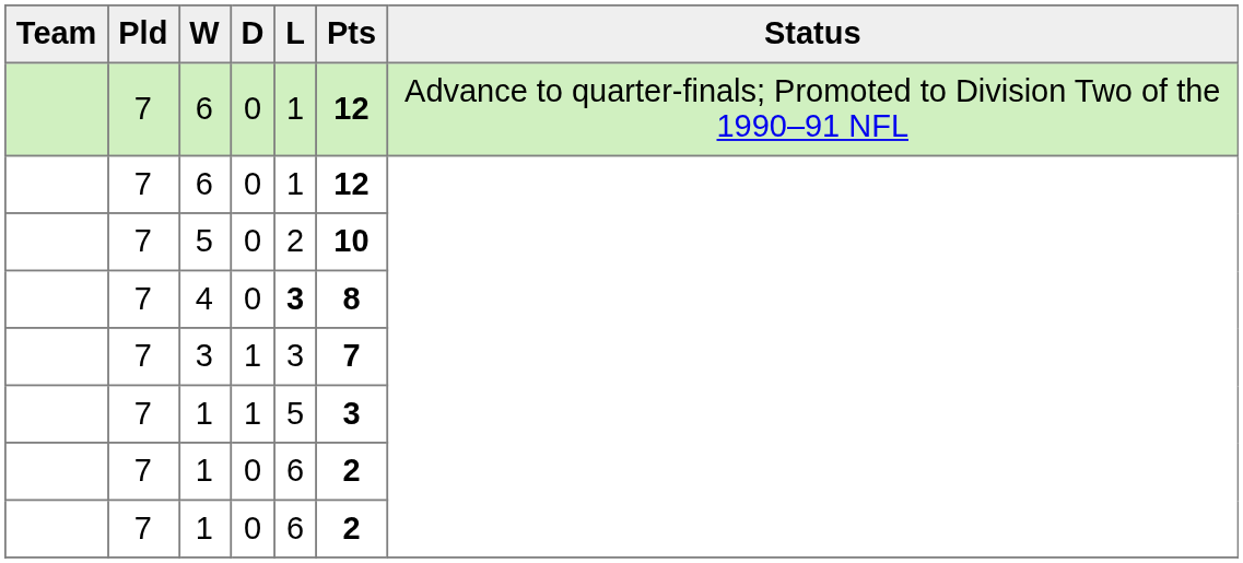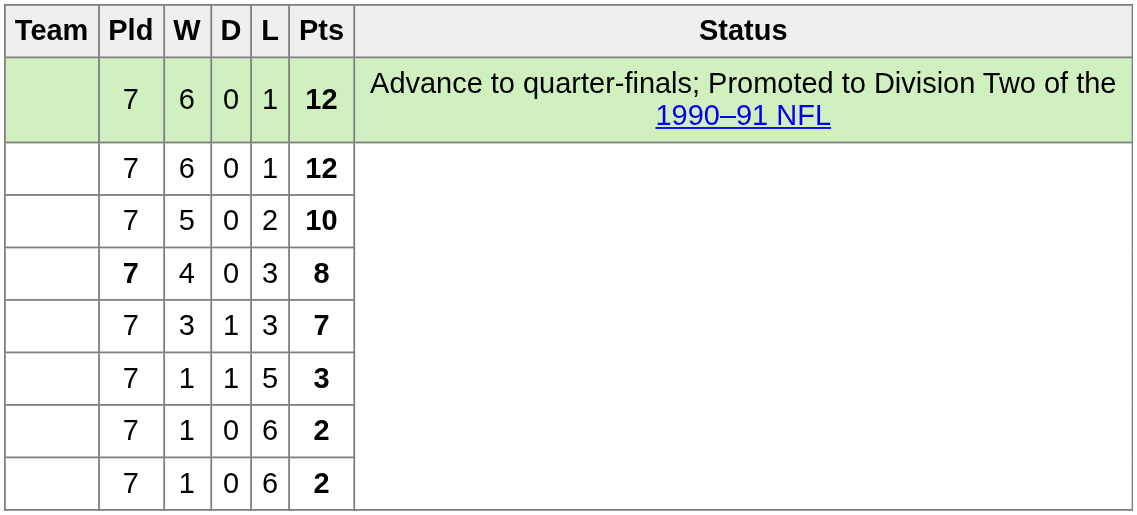 <table style=border-collapse:collapse border=1 cellspacing=0 cellpadding=5>
 <tr align=center bgcolor=#efefef>
 <th>Team</th>
 <th>Pld</th>
 <th>W</th>
 <th>D</th>
 <th>L</th>
 <th>Pts</th>
 <th>Status</th>
 </tr>
 <tr align=center style="background:#D0F0C0;">
 <td style="text-align:left;"> </td>
 <td>7</td>
 <td>6</td>
 <td>0</td>
 <td>1</td>
 <td><strong>12</strong></td>
 <td rowspan=1>Advance to quarter-finals; Promoted to Division Two of the <a href='#'>1990–91 NFL</a></td>
 </tr>
 <tr align=center style="background:#FFFFFF;">
 <td style="text-align:left;"> </td>
 <td>7</td>
 <td>6</td>
 <td>0</td>
 <td>1</td>
 <td><strong>12</strong></td>
 <td rowspan=7></td>
 </tr>
 <tr align=center style="background:#FFFFFF;">
 <td style="text-align:left;"> </td>
 <td>7</td>
 <td>5</td>
 <td>0</td>
 <td>2</td>
 <td><strong>10</strong></td>
 </tr>
 <tr align=center style="background:#FFFFFF;">
 <td style="text-align:left;"> </td>
-<td>7</td>
+<td><strong>7</strong></td>
 <td>4</td>
 <td>0</td>
-<td><strong>3</strong></td>
+<td>3</td>
 <td><strong>8</strong></td>
 </tr>
 <tr align=center style="background:#FFFFFF;">
 <td style="text-align:left;"> </td>
 <td>7</td>
 <td>3</td>
 <td>1</td>
 <td>3</td>
 <td><strong>7</strong></td>
 </tr>
 <tr align=center style="background:#FFFFFF;">
 <td style="text-align:left;"> </td>
 <td>7</td>
 <td>1</td>
 <td>1</td>
 <td>5</td>
 <td><strong>3</strong></td>
 </tr>
 <tr align=center style="background:#FFFFFF;">
 <td style="text-align:left;"> </td>
 <td>7</td>
 <td>1</td>
 <td>0</td>
 <td>6</td>
 <td><strong>2</strong></td>
 </tr>
 <tr align=center style="background:#FFFFFF;">
 <td style="text-align:left;"> </td>
 <td>7</td>
 <td>1</td>
 <td>0</td>
 <td>6</td>
 <td><strong>2</strong></td>
 </tr>
 </table>
